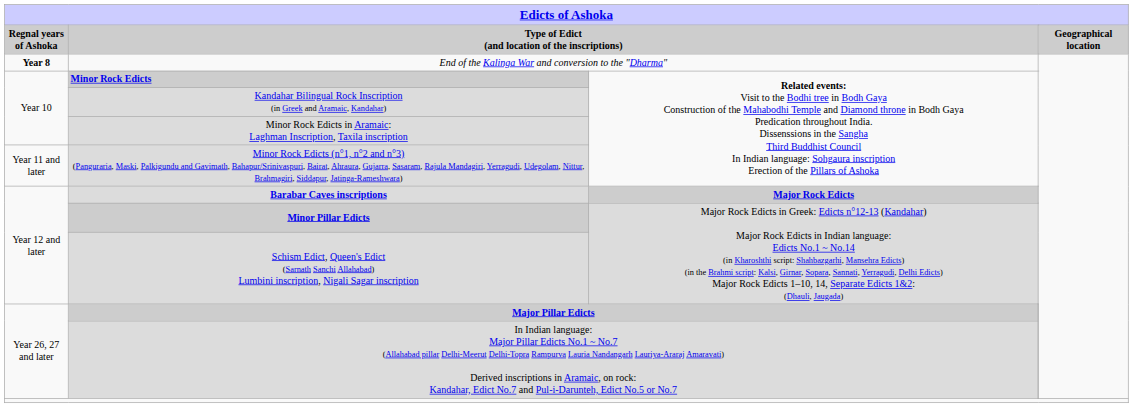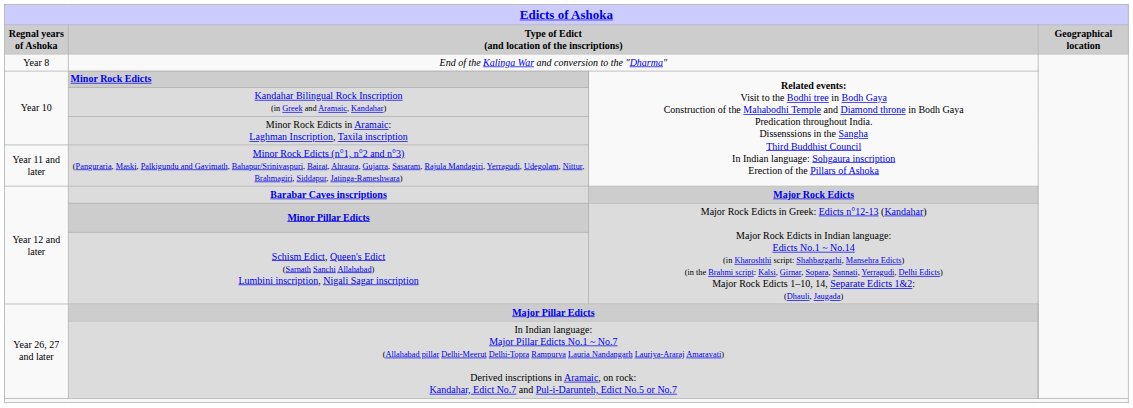 <table class="wikitable" style="margin:0 auto; font-size:88%; text-align:center;">
 <tr>
 <th colspan=6 style="background:#ccf; font-size: 130%;"><a href='#'>Edicts of Ashoka</a><br><small></small></th>
 </tr>
 <tr>
 <th style="background-color:#cdcdcd;">Regnal years<br>of Ashoka</th>
 <th colspan=4 style="background-color:#cdcdcd;">Type of Edict<br>(and location of the inscriptions)</th>
 <th style="background-color:#cdcdcd;">Geographical location</th>
 </tr>
 <tr>
-<td><strong>Year 8</strong></td>
+<td>Year 8</td>
 <td colspan=4><em>End of the <a href='#'>Kalinga War</a> and conversion to the "<a href='#'>Dharma</a>"</em></td>
 <td rowspan=10></td>
 </tr>
 <tr>
 <td rowspan=3>Year 10</td>
 <td align=left style="background-color:#cdcdcd;"><strong><a href='#'>Minor Rock Edicts</a></strong></td>
 <td colspan=3 rowspan=4><strong>Related events:</strong><br>Visit to the <a href='#'>Bodhi tree</a> in <a href='#'>Bodh Gaya</a><br>Construction of the <a href='#'>Mahabodhi Temple</a> and <a href='#'>Diamond throne</a> in Bodh Gaya<br>Predication throughout India.<br>Dissenssions in the <a href='#'>Sangha</a><br><a href='#'>Third Buddhist Council</a><br>In Indian language: <a href='#'>Sohgaura inscription</a><br>Erection of the <a href='#'>Pillars of Ashoka</a></td>
 </tr>
 <tr>
 <td style="background-color:#dcdcdc;"><a href='#'>Kandahar Bilingual Rock Inscription</a><br><small>(in <a href='#'>Greek</a> and <a href='#'>Aramaic</a>, <a href='#'>Kandahar</a>)</small></td>
 </tr>
 <tr>
 <td style="background-color:#dcdcdc;">Minor Rock Edicts in <a href='#'>Aramaic</a>:<br><a href='#'>Laghman Inscription</a>, <a href='#'>Taxila inscription</a></td>
 </tr>
 <tr>
 <td>Year 11 and later</td>
 <td style="background-color:#dcdcdc;"><a href='#'>Minor Rock Edicts (n°1, n°2 and n°3)</a><br><small>(<a href='#'>Panguraria</a>, <a href='#'>Maski</a>, <a href='#'>Palkigundu and Gavimath</a>, <a href='#'>Bahapur/Srinivaspuri</a>, <a href='#'>Bairat</a>, <a href='#'>Ahraura</a>, <a href='#'>Gujarra</a>, <a href='#'>Sasaram</a>, <a href='#'>Rajula Mandagiri</a>, <a href='#'>Yerragudi</a>, <a href='#'>Udegolam</a>, <a href='#'>Nittur</a>, <a href='#'>Brahmagiri</a>, <a href='#'>Siddapur</a>, <a href='#'>Jatinga-Rameshwara</a>)</small></td>
 </tr>
 <tr>
 <td rowspan=3>Year 12 and later</td>
 <td style="background-color:#dcdcdc;"><strong><a href='#'>Barabar Caves inscriptions</a></strong></td>
 <td colspan=3 style="background-color:#cdcdcd;" width="40%"><strong><a href='#'>Major Rock Edicts</a></strong></td>
 </tr>
 <tr>
 <td style="background-color:#cdcdcd;"><strong><a href='#'>Minor Pillar Edicts</a></strong></td>
 <td colspan=3 rowspan=2 style="background-color:#dcdcdc;">Major Rock Edicts in Greek: <a href='#'>Edicts n°12-13</a> (<a href='#'>Kandahar</a>)<br><br>Major Rock Edicts in Indian language:<br><a href='#'>Edicts No.1 ~ No.14</a><br><small>(in <a href='#'>Kharoshthi</a> script: <a href='#'>Shahbazgarhi</a>, <a href='#'>Mansehra Edicts</a>)</small><br><small>(in the <a href='#'>Brahmi script</a>: <a href='#'>Kalsi</a>, <a href='#'>Girnar</a>, <a href='#'>Sopara</a>, <a href='#'>Sannati</a>, <a href='#'>Yerragudi</a>, <a href='#'>Delhi Edicts</a>)</small><br>Major Rock Edicts 1–10, 14, <a href='#'>Separate Edicts 1&2</a>:<br><small>(<a href='#'>Dhauli</a>, <a href='#'>Jaugada</a>)</small></td>
 </tr>
 <tr>
 <td style="background-color:#dcdcdc;"><a href='#'>Schism Edict</a>, <a href='#'>Queen's Edict</a><br><small>(<a href='#'>Sarnath</a> <a href='#'>Sanchi</a> <a href='#'>Allahabad</a>)</small><br><a href='#'>Lumbini inscription</a>, <a href='#'>Nigali Sagar inscription</a></td>
 </tr>
 <tr>
 <td rowspan=2>Year 26, 27<br>and later</td>
 <td colspan=2 style="background-color:#cdcdcd;"><strong><a href='#'>Major Pillar Edicts</a></strong></td>
 </tr>
 <tr>
 <td colspan=2 style="background-color:#dcdcdc;">In Indian language:<br><a href='#'>Major Pillar Edicts No.1 ~ No.7</a><br><small>(<a href='#'>Allahabad pillar</a> <a href='#'>Delhi-Meerut</a> <a href='#'>Delhi-Topra</a> <a href='#'>Rampurva</a> <a href='#'>Lauria Nandangarh</a> <a href='#'>Lauriya-Araraj</a> <a href='#'>Amaravati</a>)</small><br><br>Derived inscriptions in <a href='#'>Aramaic</a>, on rock:<br> <a href='#'>Kandahar, Edict No.7</a> and <a href='#'>Pul-i-Darunteh, Edict No.5 or No.7</a></td>
 </tr>
 <tr>
 <td colspan=6></td>
 </tr>
 </table>
